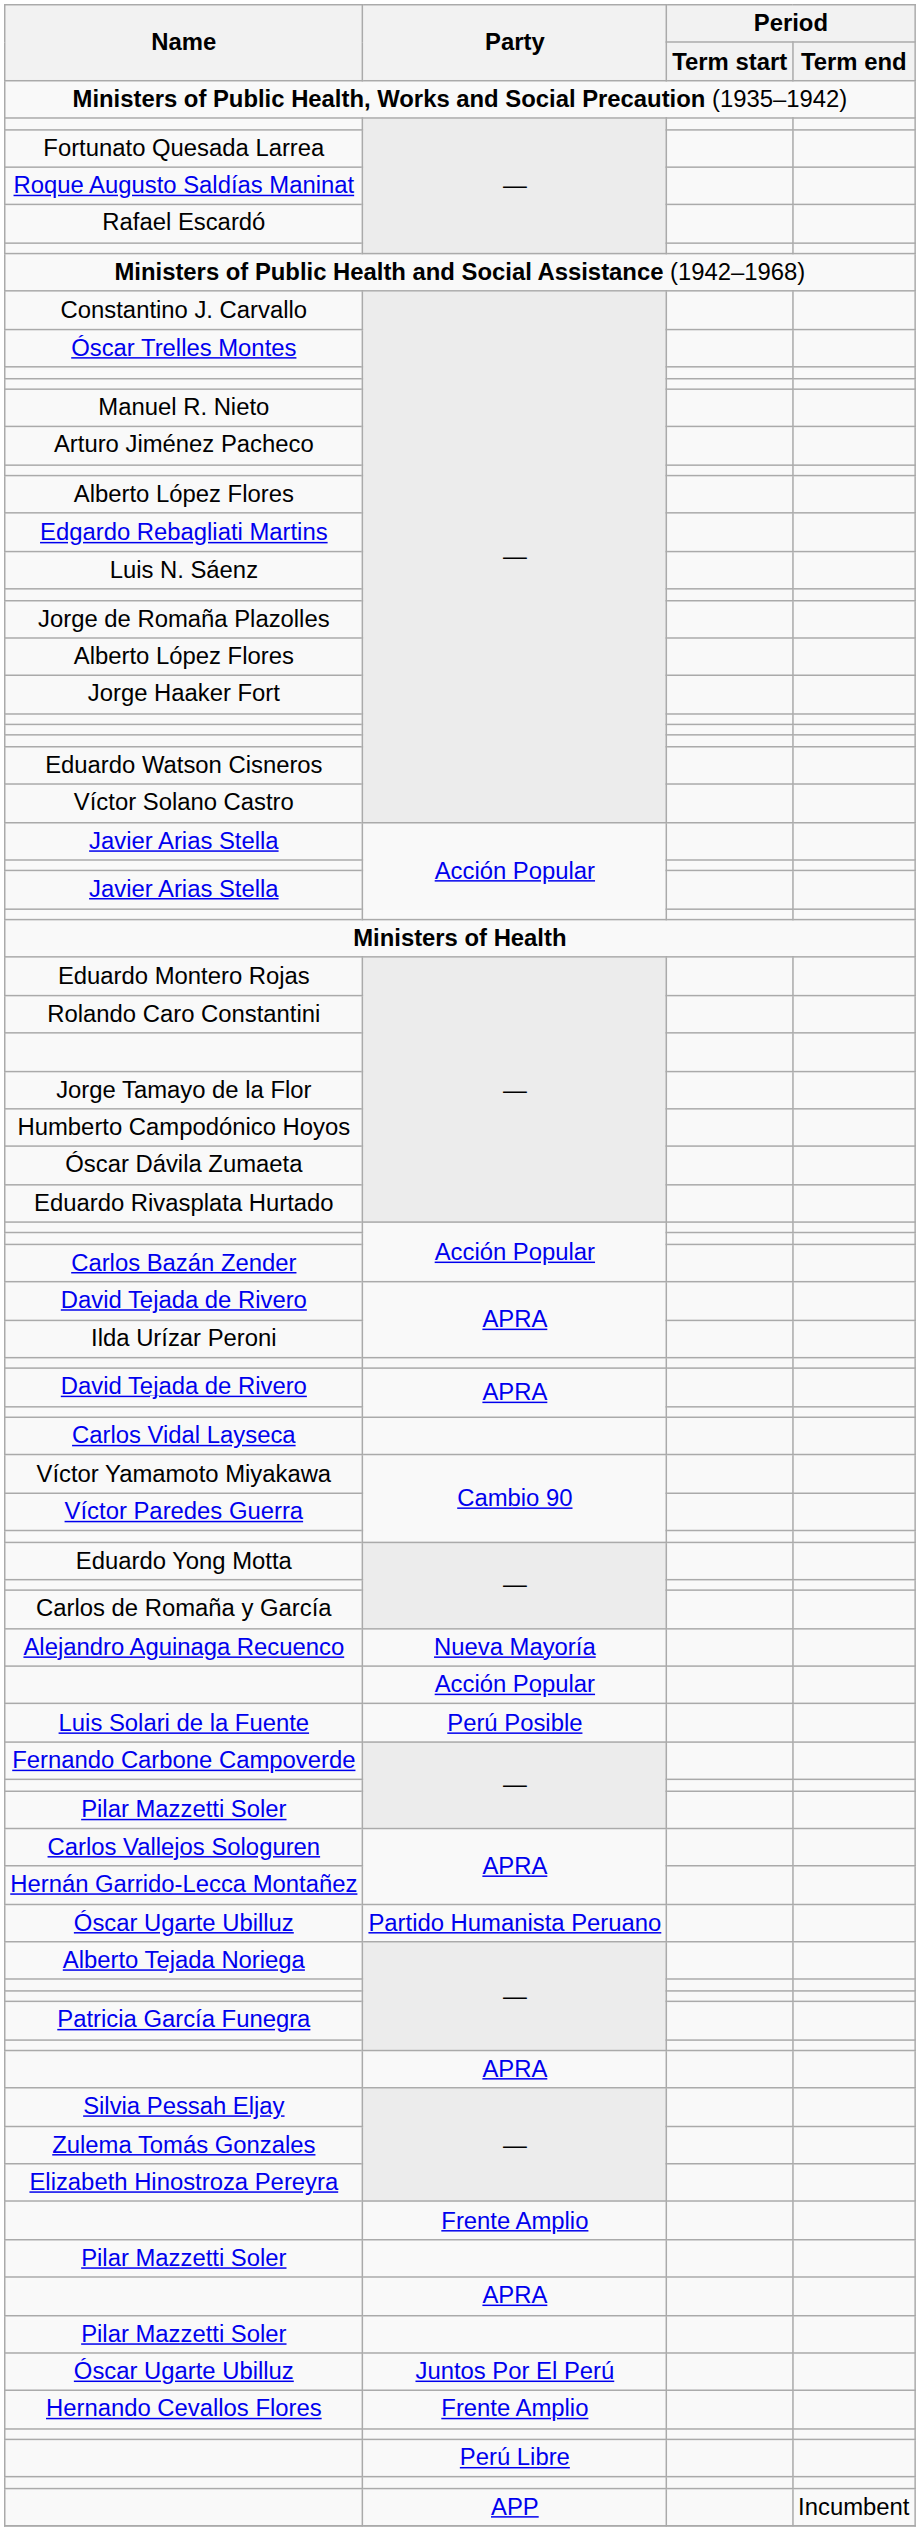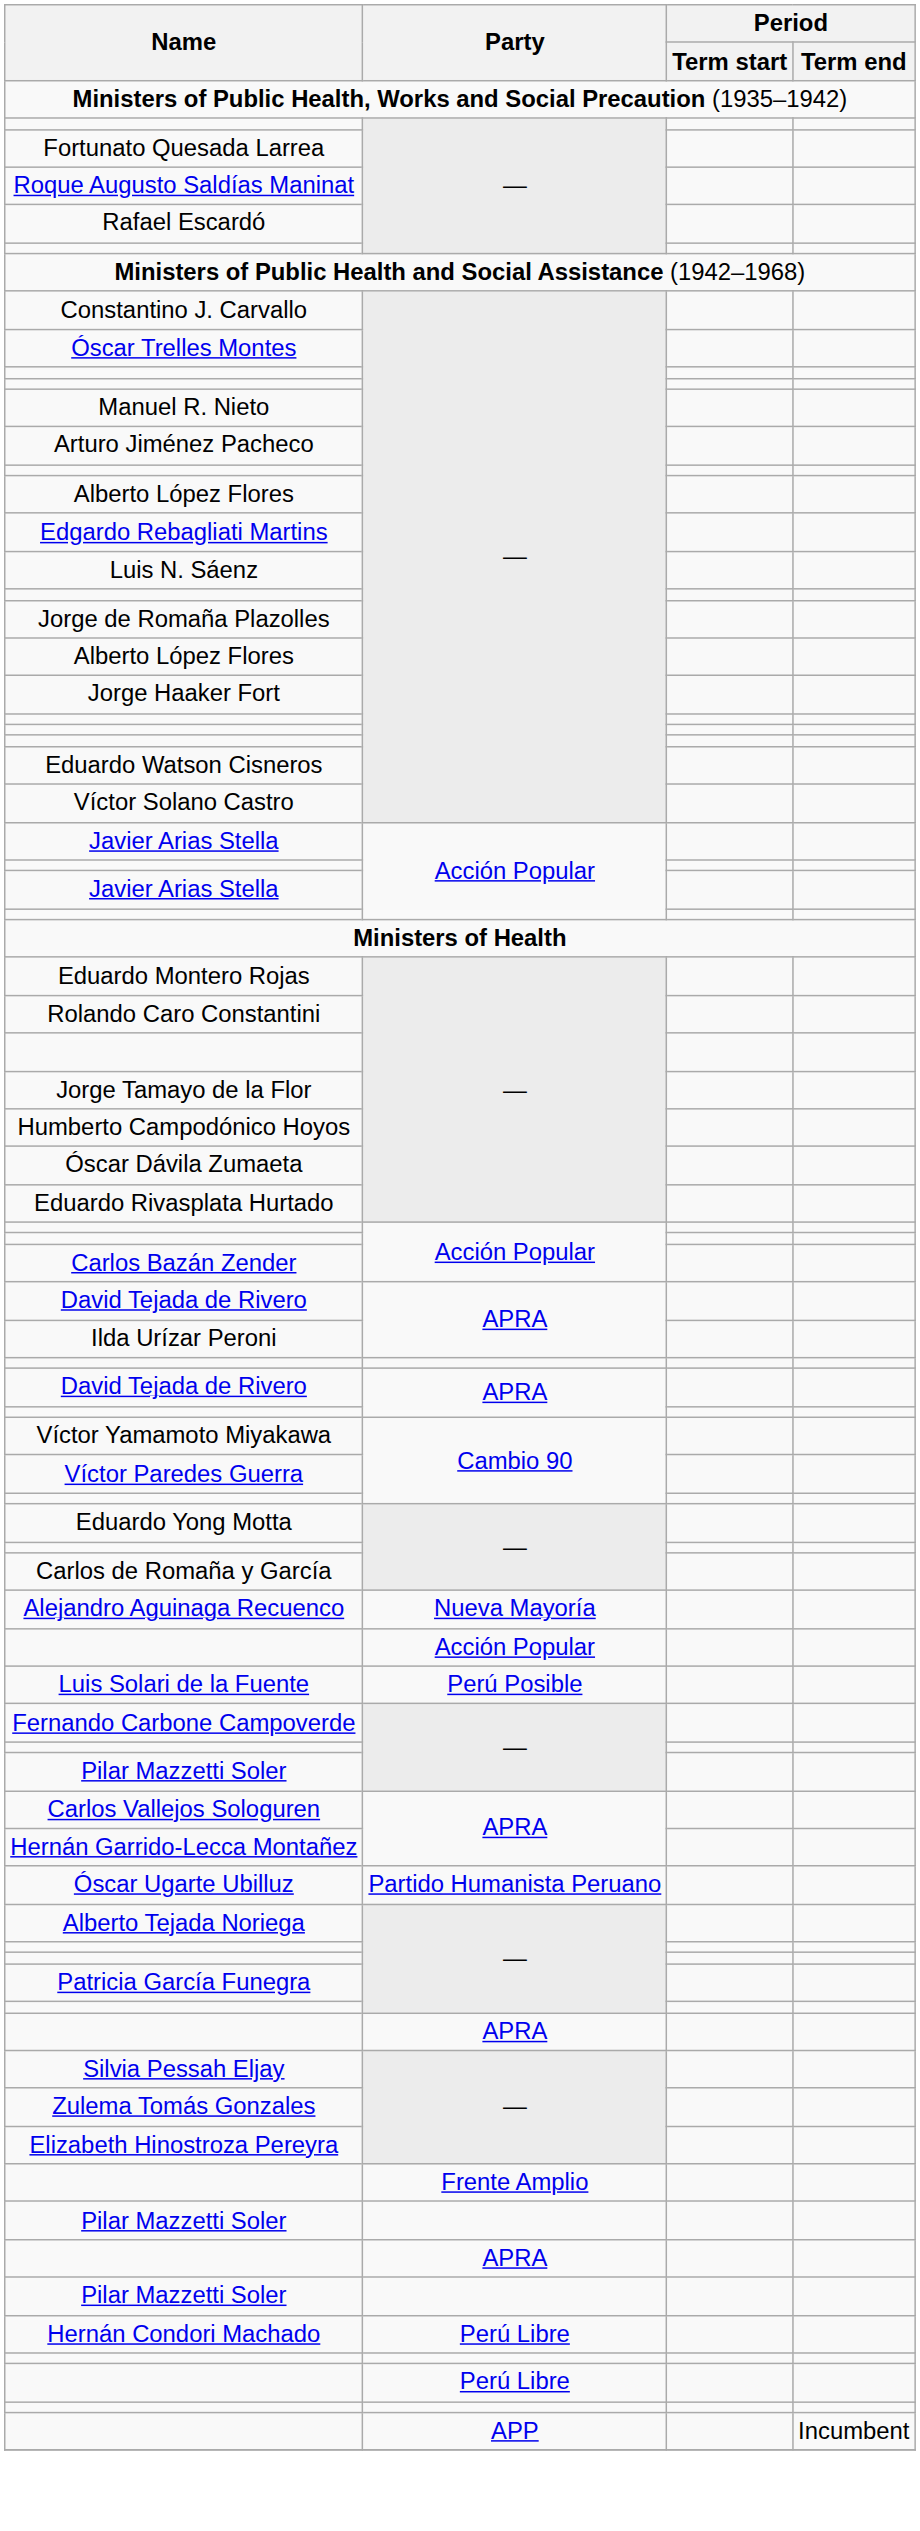 <table class="wikitable" style="text-align: center">
 <tr>
 <th rowspan=2><strong>Name</strong></th>
 <th rowspan=2><strong>Party</strong></th>
 <th colspan=2><strong>Period</strong></th>
 </tr>
 <tr>
 <th>Term start</th>
 <th>Term end</th>
 </tr>
 <tr>
 <td colspan=4><div><strong>Ministers of Public Health, Works and Social Precaution</strong> (1935–1942)</div></td>
 </tr>
 <tr>
 <td></td>
 <td rowspan=5; style="background: var(--background-color-interactive, #ececec)">—</td>
 <td></td>
 <td></td>
 </tr>
 <tr>
 <td>Fortunato Quesada Larrea</td>
 <td></td>
 <td></td>
 </tr>
 <tr>
 <td><a href='#'>Roque Augusto Saldías Maninat</a></td>
 <td></td>
 <td></td>
 </tr>
 <tr>
 <td>Rafael Escardó</td>
 <td></td>
 <td></td>
 </tr>
 <tr>
 <td></td>
 <td></td>
 <td></td>
 </tr>
 <tr>
 <td colspan=4><div><strong>Ministers of Public Health and Social Assistance</strong> (1942–1968)</div></td>
 </tr>
 <tr>
 <td>Constantino J. Carvallo</td>
 <td rowspan=19; style="background: var(--background-color-interactive, #ececec)">—</td>
 <td></td>
 <td></td>
 </tr>
 <tr>
 <td><a href='#'>Óscar Trelles Montes</a></td>
 <td></td>
 <td></td>
 </tr>
 <tr>
 <td></td>
 <td></td>
 <td></td>
 </tr>
 <tr>
 <td></td>
 <td></td>
 <td></td>
 </tr>
 <tr>
 <td>Manuel R. Nieto</td>
 <td></td>
 <td></td>
 </tr>
 <tr>
 <td>Arturo Jiménez Pacheco</td>
 <td></td>
 <td></td>
 </tr>
 <tr>
 <td></td>
 <td></td>
 <td></td>
 </tr>
 <tr>
 <td>Alberto López Flores</td>
 <td></td>
 <td></td>
 </tr>
 <tr>
 <td><a href='#'>Edgardo Rebagliati Martins</a></td>
 <td></td>
 <td></td>
 </tr>
 <tr>
 <td>Luis N. Sáenz</td>
 <td></td>
 <td></td>
 </tr>
 <tr>
 <td></td>
 <td></td>
 <td></td>
 </tr>
 <tr>
 <td>Jorge de Romaña Plazolles</td>
 <td></td>
 <td></td>
 </tr>
 <tr>
 <td>Alberto López Flores</td>
 <td></td>
 <td></td>
 </tr>
 <tr>
 <td>Jorge Haaker Fort</td>
 <td></td>
 <td></td>
 </tr>
 <tr>
 <td></td>
 <td></td>
 <td></td>
 </tr>
 <tr>
 <td></td>
 <td></td>
 <td></td>
 </tr>
 <tr>
 <td></td>
 <td></td>
 <td></td>
 </tr>
 <tr>
 <td>Eduardo Watson Cisneros</td>
 <td></td>
 <td></td>
 </tr>
 <tr>
 <td>Víctor Solano Castro</td>
 <td></td>
 <td></td>
 </tr>
 <tr>
 <td><a href='#'>Javier Arias Stella</a></td>
 <td rowspan="4"><a href='#'>Acción Popular</a></td>
 <td></td>
 <td></td>
 </tr>
 <tr>
 <td></td>
 <td></td>
 <td></td>
 </tr>
 <tr>
 <td><a href='#'>Javier Arias Stella</a></td>
 <td></td>
 <td></td>
 </tr>
 <tr>
 <td></td>
 <td></td>
 <td></td>
 </tr>
 <tr>
 <td colspan=4><div><strong>Ministers of Health</strong></div></td>
 </tr>
 <tr>
 <td>Eduardo Montero Rojas</td>
 <td rowspan=7; style="background: var(--background-color-interactive, #ececec)">—</td>
 <td></td>
 <td></td>
 </tr>
 <tr>
 <td>Rolando Caro Constantini</td>
 <td></td>
 <td></td>
 </tr>
 <tr>
 <td></td>
 <td><br></td>
 <td><br></td>
 </tr>
 <tr>
 <td>Jorge Tamayo de la Flor</td>
 <td></td>
 <td></td>
 </tr>
 <tr>
 <td>Humberto Campodónico Hoyos</td>
 <td></td>
 <td></td>
 </tr>
 <tr>
 <td>Óscar Dávila Zumaeta</td>
 <td></td>
 <td></td>
 </tr>
 <tr>
 <td>Eduardo Rivasplata Hurtado</td>
 <td></td>
 <td></td>
 </tr>
 <tr>
 <td></td>
 <td rowspan="3"><a href='#'>Acción Popular</a></td>
 <td></td>
 <td></td>
 </tr>
 <tr>
 <td></td>
 <td></td>
 <td></td>
 </tr>
 <tr>
 <td><a href='#'>Carlos Bazán Zender</a></td>
 <td></td>
 <td></td>
 </tr>
 <tr>
 <td><a href='#'>David Tejada de Rivero</a></td>
 <td rowspan="2"><a href='#'>APRA</a></td>
 <td></td>
 <td></td>
 </tr>
 <tr>
 <td>Ilda Urízar Peroni</td>
 <td></td>
 <td></td>
 </tr>
 <tr>
 <td></td>
 <td></td>
 <td></td>
 <td></td>
 </tr>
 <tr>
 <td><a href='#'>David Tejada de Rivero</a></td>
 <td rowspan="2"><a href='#'>APRA</a></td>
 <td></td>
 <td></td>
 </tr>
 <tr>
 <td></td>
 <td></td>
 <td></td>
 </tr>
 <tr>
-<td><a href='#'>Carlos Vidal Layseca</a></td>
-<td></td>
-<td></td>
-<td></td>
-</tr>
-<tr>
 <td>Víctor Yamamoto Miyakawa</td>
 <td rowspan="3"><a href='#'>Cambio 90</a></td>
 <td></td>
 <td></td>
 </tr>
 <tr>
 <td><a href='#'>Víctor Paredes Guerra</a></td>
 <td></td>
 <td></td>
 </tr>
 <tr>
 <td></td>
 <td></td>
 <td></td>
 </tr>
 <tr>
 <td>Eduardo Yong Motta</td>
 <td rowspan=3; style="background: var(--background-color-interactive, #ececec)">—</td>
 <td></td>
 <td></td>
 </tr>
 <tr>
 <td></td>
 <td></td>
 <td></td>
 </tr>
 <tr>
 <td>Carlos de Romaña y García</td>
 <td></td>
 <td></td>
 </tr>
 <tr>
 <td><a href='#'>Alejandro Aguinaga Recuenco</a></td>
 <td><a href='#'>Nueva Mayoría</a></td>
 <td></td>
 <td></td>
 </tr>
 <tr>
 <td></td>
 <td><a href='#'>Acción Popular</a></td>
 <td></td>
 <td></td>
 </tr>
 <tr>
 <td><a href='#'>Luis Solari de la Fuente</a></td>
 <td><a href='#'>Perú Posible</a></td>
 <td></td>
 <td></td>
 </tr>
 <tr>
 <td><a href='#'>Fernando Carbone Campoverde</a></td>
 <td rowspan=3; style="background: var(--background-color-interactive, #ececec)">—</td>
 <td></td>
 <td></td>
 </tr>
 <tr>
 <td></td>
 <td></td>
 <td></td>
 </tr>
 <tr>
 <td><a href='#'>Pilar Mazzetti Soler</a></td>
 <td></td>
 <td></td>
 </tr>
 <tr>
 <td><a href='#'>Carlos Vallejos Sologuren</a></td>
 <td rowspan="2"><a href='#'>APRA</a></td>
 <td></td>
 <td></td>
 </tr>
 <tr>
 <td><a href='#'>Hernán Garrido-Lecca Montañez</a></td>
 <td></td>
 <td></td>
 </tr>
 <tr>
 <td><a href='#'>Óscar Ugarte Ubilluz</a></td>
 <td><a href='#'>Partido Humanista Peruano</a></td>
 <td></td>
 <td></td>
 </tr>
 <tr>
 <td><a href='#'>Alberto Tejada Noriega</a></td>
 <td rowspan=5; style="background: var(--background-color-interactive, #ececec)">—</td>
 <td></td>
 <td></td>
 </tr>
 <tr>
 <td></td>
 <td></td>
 <td></td>
 </tr>
 <tr>
 <td></td>
 <td></td>
 <td></td>
 </tr>
 <tr>
 <td><a href='#'>Patricia García Funegra</a></td>
 <td></td>
 <td></td>
 </tr>
 <tr>
 <td></td>
 <td></td>
 <td></td>
 </tr>
 <tr>
 <td></td>
 <td><a href='#'>APRA</a></td>
 <td></td>
 <td></td>
 </tr>
 <tr>
 <td><a href='#'>Silvia Pessah Eljay</a></td>
 <td rowspan=3; style="background: var(--background-color-interactive, #ececec)">—</td>
 <td></td>
 <td></td>
 </tr>
 <tr>
 <td><a href='#'>Zulema Tomás Gonzales</a></td>
 <td></td>
 <td></td>
 </tr>
 <tr>
 <td><a href='#'>Elizabeth Hinostroza Pereyra</a></td>
 <td></td>
 <td></td>
 </tr>
 <tr>
 <td></td>
 <td><a href='#'>Frente Amplio</a></td>
 <td></td>
 <td></td>
 </tr>
 <tr>
 <td><a href='#'>Pilar Mazzetti Soler</a></td>
 <td></td>
 <td></td>
 <td></td>
 </tr>
 <tr>
 <td></td>
 <td><a href='#'>APRA</a></td>
 <td></td>
 <td></td>
 </tr>
 <tr>
 <td><a href='#'>Pilar Mazzetti Soler</a></td>
 <td></td>
 <td></td>
 <td></td>
 </tr>
 <tr>
-<td><a href='#'>Óscar Ugarte Ubilluz</a></td>
-<td><a href='#'>Juntos Por El Perú</a></td>
-<td></td>
-<td></td>
-</tr>
-<tr>
-<td><a href='#'>Hernando Cevallos Flores</a></td>
-<td><a href='#'>Frente Amplio</a></td>
+<td><a href='#'>Hernán Condori Machado</a></td>
+<td><a href='#'>Perú Libre</a></td>
 <td></td>
 <td></td>
 </tr>
 <tr>
 <td></td>
 <td></td>
 <td></td>
 <td></td>
 </tr>
 <tr>
 <td></td>
 <td><a href='#'>Perú Libre</a></td>
 <td></td>
 <td></td>
 </tr>
 <tr>
 <td></td>
 <td></td>
 <td></td>
 <td></td>
 </tr>
 <tr>
 <td></td>
 <td><a href='#'>APP</a></td>
 <td></td>
 <td>Incumbent</td>
 </tr>
 <tr>
 </tr>
 </table>
